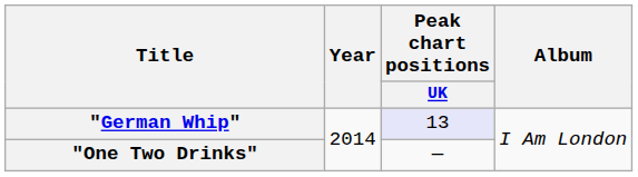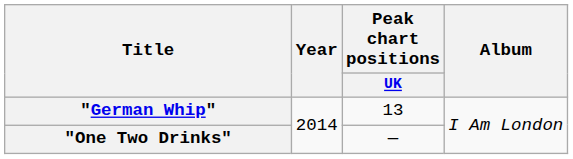 <table class="wikitable plainrowheaders" style="text-align:center;" border="1">
 <tr>
 <th scope="col" rowspan="2" style="width:16em;">Title</th>
 <th scope="col" rowspan="2" style="width:1em;">Year</th>
 <th scope="col" colspan="1">Peak chart positions</th>
 <th scope="col" rowspan="2">Album</th>
 </tr>
 <tr>
 <th scope="col" style="width:3em;font-size:85%;"><a href='#'>UK</a></th>
 </tr>
 <tr>
 <th scope="row">"<a href='#'>German Whip</a>"</th>
 <td rowspan="2">2014</td>
-<td style="background: lavender;">13</td>
+<td>13</td>
 <td rowspan="4"><em>I Am London</em></td>
 </tr>
 <tr>
 <th scope="row">"One Two Drinks"</th>
 <td>—</td>
 </tr>
 </table>
